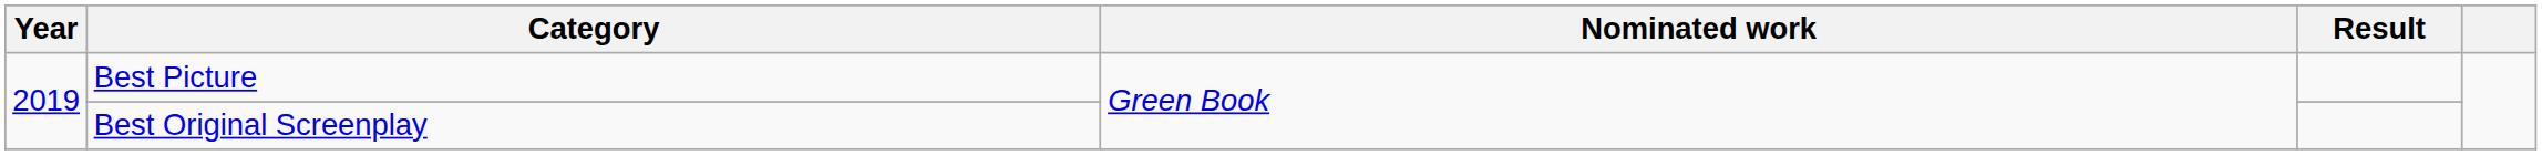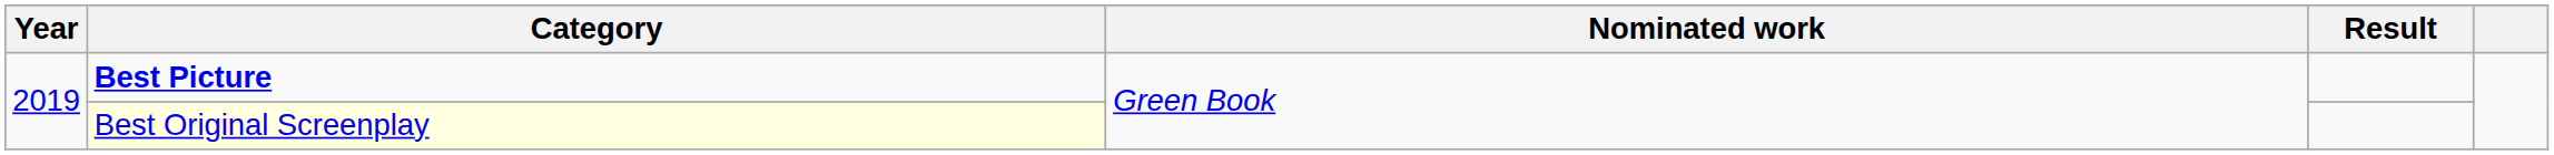 <table class="wikitable sortable">
 <tr>
 <th scope="col" style="width:1em;">Year</th>
 <th scope="col" style="width:33em;">Category</th>
 <th scope="col" style="width:39em;">Nominated work</th>
 <th scope="col" style="width:5em;">Result</th>
 <th scope="col" style="width:2em;" class="unsortable"></th>
 </tr>
 <tr>
 <td rowspan="2"><a href='#'>2019</a></td>
-<td><a href='#'>Best Picture</a></td>
+<td><strong><a href='#'>Best Picture</a></strong></td>
 <td rowspan="2"><em><a href='#'>Green Book</a></em></td>
 <td></td>
 <td style="text-align:center;" rowspan="2"></td>
 </tr>
 <tr>
-<td><a href='#'>Best Original Screenplay</a></td>
+<td style="background: lightyellow;"><a href='#'>Best Original Screenplay</a></td>
 <td></td>
 </tr>
 </table>
